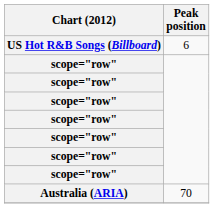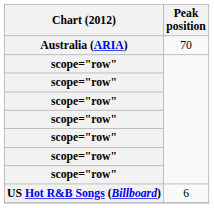 <table class="wikitable sortable plainrowheaders" style="text-align:left;">
 <tr>
 <th scope="col">Chart (2012)</th>
 <th scope="col">Peak<br>position</th>
 </tr>
 <tr>
-<th scope="row">US <a href='#'>Hot R&B Songs</a> (<em><a href='#'>Billboard</a></em>)</th>
-<td style="text-align:center;">6</td>
+<th scope="row">Australia (<a href='#'>ARIA</a>)</th>
+<td align="center">70</td>
 </tr>
 <tr>
 <th>scope="row"</th>
 </tr>
 <tr>
 <th>scope="row"</th>
 </tr>
 <tr>
 <th>scope="row"</th>
 </tr>
 <tr>
 <th>scope="row"</th>
 </tr>
 <tr>
 <th>scope="row"</th>
 </tr>
 <tr>
 <th>scope="row" </th>
 </tr>
 <tr>
 <th>scope="row" </th>
 </tr>
 <tr>
-<th scope="row">Australia (<a href='#'>ARIA</a>)</th>
-<td align="center">70</td>
+<th scope="row">US <a href='#'>Hot R&B Songs</a> (<em><a href='#'>Billboard</a></em>)</th>
+<td style="text-align:center;">6</td>
 </tr>
 <tr>
 </tr>
 </table>
